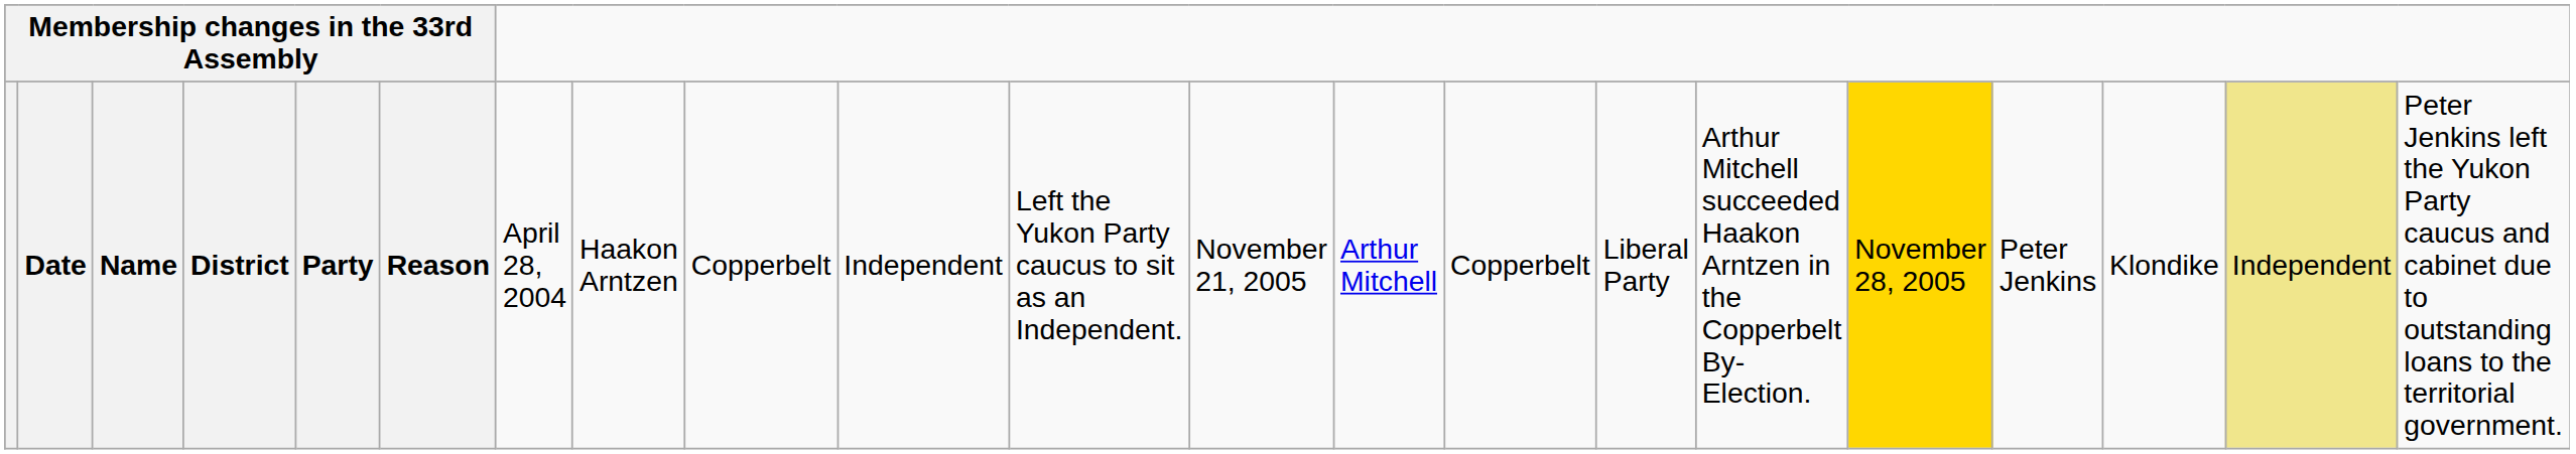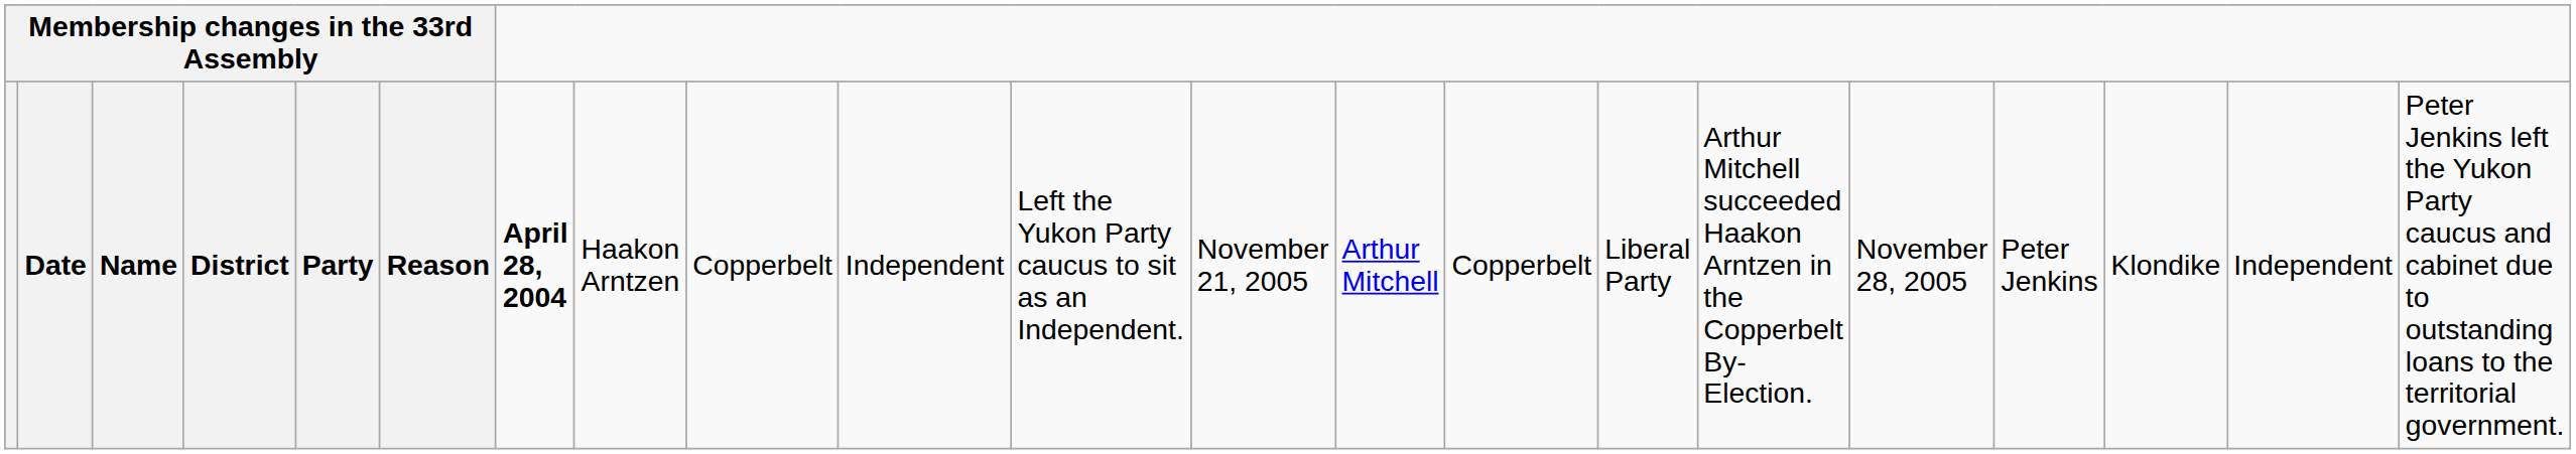 <table class="wikitable">
 <tr>
 <th colspan=6>Membership changes in the 33rd Assembly</th>
 </tr>
 <tr>
 <th></th>
 <th>Date</th>
 <th>Name</th>
 <th>District</th>
 <th>Party</th>
 <th>Reason<br></th>
-<td>April 28, 2004</td>
+<td><strong>April 28, 2004</strong></td>
 <td>Haakon Arntzen</td>
 <td>Copperbelt</td>
 <td>Independent</td>
 <td>Left the Yukon Party caucus to sit as an Independent.<br></td>
 <td>November 21, 2005</td>
 <td><a href='#'>Arthur Mitchell</a></td>
 <td>Copperbelt</td>
 <td>Liberal Party</td>
 <td>Arthur Mitchell succeeded Haakon Arntzen in the Copperbelt By-Election.<br></td>
-<td style="background: gold;">November 28, 2005</td>
+<td>November 28, 2005</td>
 <td>Peter Jenkins</td>
 <td>Klondike</td>
-<td style="background: khaki;">Independent</td>
+<td>Independent</td>
 <td>Peter Jenkins left the Yukon Party caucus and cabinet due to outstanding loans to the territorial government.</td>
 </tr>
 </table>
